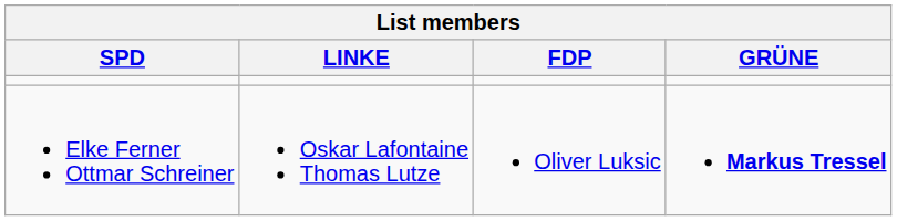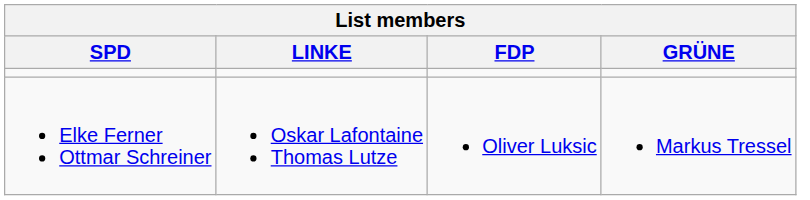 <table class=wikitable>
 <tr>
 <th colspan=4>List members</th>
 </tr>
 <tr>
 <th><a href='#'>SPD</a></th>
 <th><a href='#'>LINKE</a></th>
 <th><a href='#'>FDP</a></th>
 <th><a href='#'>GRÜNE</a></th>
 </tr>
 <tr>
 <td bgcolor=></td>
 <td bgcolor=></td>
 <td bgcolor=></td>
 <td bgcolor=></td>
 </tr>
 <tr>
 <td><br><ul><li><a href='#'>Elke Ferner</a></li><li><a href='#'>Ottmar Schreiner</a></li></ul></td>
 <td><br><ul><li><a href='#'>Oskar Lafontaine</a></li><li><a href='#'>Thomas Lutze</a></li></ul></td>
 <td><br><ul><li><a href='#'>Oliver Luksic</a></li></ul></td>
-<td><strong><br><ul><li><a href='#'>Markus Tressel</a></li></ul></strong></td>
+<td><br><ul><li><a href='#'>Markus Tressel</a></li></ul></td>
 </tr>
 </table>
